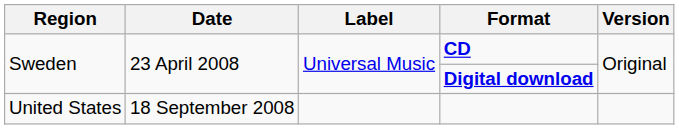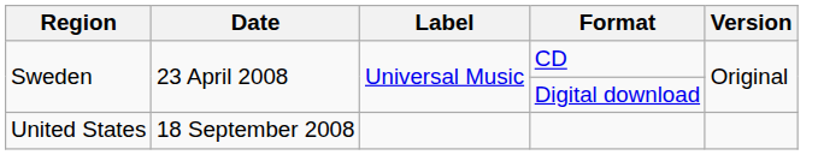 <table class="wikitable">
 <tr>
 <th>Region</th>
 <th>Date</th>
 <th>Label</th>
 <th>Format</th>
 <th>Version</th>
 </tr>
 <tr>
 <td rowspan="2">Sweden</td>
 <td rowspan="2">23 April 2008</td>
 <td rowspan="2"><a href='#'>Universal Music</a></td>
-<td><strong><a href='#'>CD</a></strong></td>
+<td><a href='#'>CD</a></td>
 <td rowspan="2">Original</td>
 </tr>
 <tr>
-<td><strong><a href='#'>Digital download</a></strong></td>
+<td><a href='#'>Digital download</a></td>
 </tr>
 <tr>
 <td>United States</td>
 <td>18 September 2008</td>
 <td></td>
 <td></td>
 <td></td>
 </tr>
 </table>
